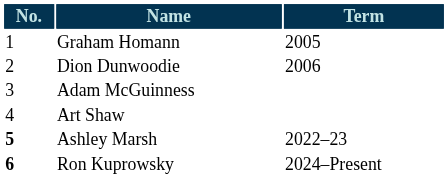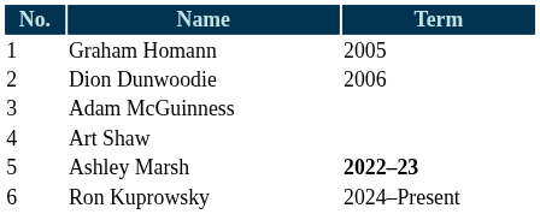 <table class="toccolours" style="width:25em">
 <tr>
 <th style="background:#023351;color:#c2e3e4;border:#023351 1px solid">No.</th>
 <th style="background:#023351;color:#c2e3e4;border:#023351 1px solid">Name</th>
 <th style="background:#023351;color:#c2e3e4;border:#023351 1px solid">Term</th>
 </tr>
 <tr>
 <td>1</td>
 <td> Graham Homann</td>
 <td>2005</td>
 </tr>
 <tr>
 <td>2</td>
 <td> Dion Dunwoodie</td>
 <td>2006</td>
 </tr>
 <tr>
 <td>3</td>
 <td> Adam McGuinness</td>
 <td></td>
 </tr>
 <tr>
 <td>4</td>
 <td> Art Shaw</td>
 <td></td>
 </tr>
 <tr>
-<td><strong>5</strong></td>
+<td>5</td>
 <td> Ashley Marsh</td>
-<td>2022–23</td>
+<td><strong>2022–23</strong></td>
 </tr>
 <tr>
-<td><strong>6</strong></td>
+<td>6</td>
 <td> Ron Kuprowsky</td>
 <td>2024–Present</td>
 </tr>
 <tr>
 </tr>
 </table>
